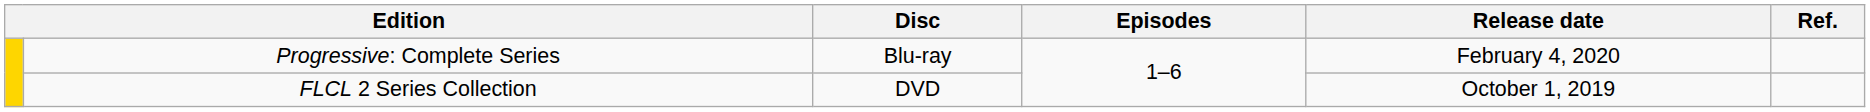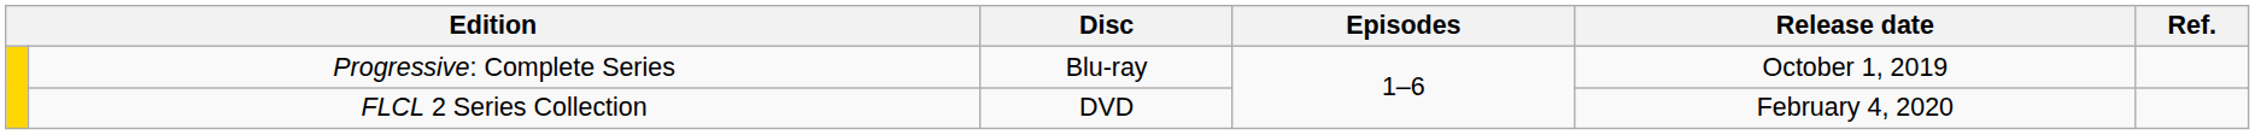 <table class="wikitable" style="text-align: center; width: 70%;">
 <tr>
 <th colspan="2">Edition</th>
 <th>Disc</th>
 <th>Episodes</th>
 <th>Release date</th>
 <th width="5%">Ref.</th>
 </tr>
 <tr>
 <td rowspan="2" width="1%" style="background: #FED600;"></td>
 <td><em>Progressive</em>: Complete Series</td>
 <td>Blu-ray</td>
 <td rowspan="2">1–6</td>
-<td>February 4, 2020</td>
+<td>October 1, 2019</td>
 <td></td>
 </tr>
 <tr>
 <td><em>FLCL</em> 2 Series Collection</td>
 <td>DVD</td>
-<td>October 1, 2019</td>
+<td>February 4, 2020</td>
 <td></td>
 </tr>
 </table>
